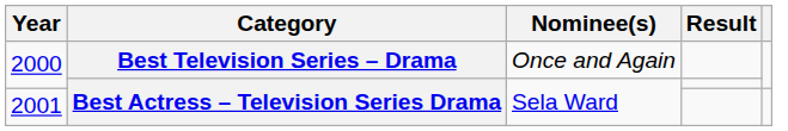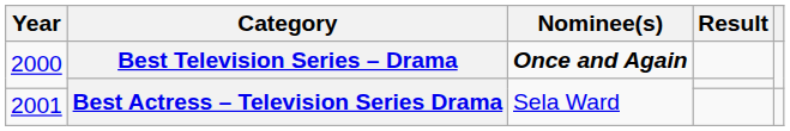 <table class="wikitable plainrowheaders" text-align:center">
 <tr>
 <th scope="col">Year</th>
 <th scope="col">Category</th>
 <th scope="col">Nominee(s)</th>
 <th scope="col">Result</th>
 <th scope="col"></th>
 </tr>
 <tr>
 <td rowspan="2"><a href='#'>2000</a></td>
 <th scope="row" style="text-align:center"><a href='#'>Best Television Series – Drama</a></th>
-<td><em>Once and Again</em></td>
+<td><strong><em>Once and Again</em></strong></td>
 <td></td>
 <td rowspan="2"></td>
 </tr>
 <tr>
 <th scope="row" style="text-align:center" rowspan="2"><a href='#'>Best Actress – Television Series Drama</a></th>
 <td rowspan="2"><a href='#'>Sela Ward</a></td>
 <td></td>
 </tr>
 <tr>
 <td><a href='#'>2001</a></td>
 <td></td>
 <td></td>
 </tr>
 </table>
